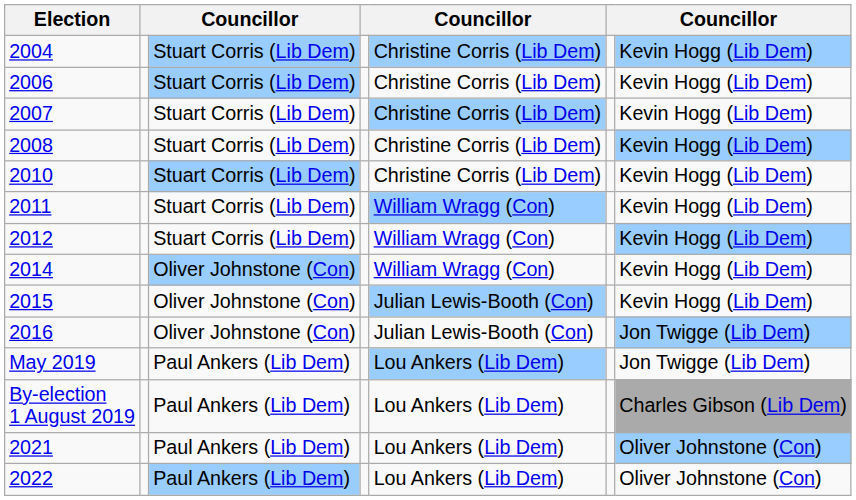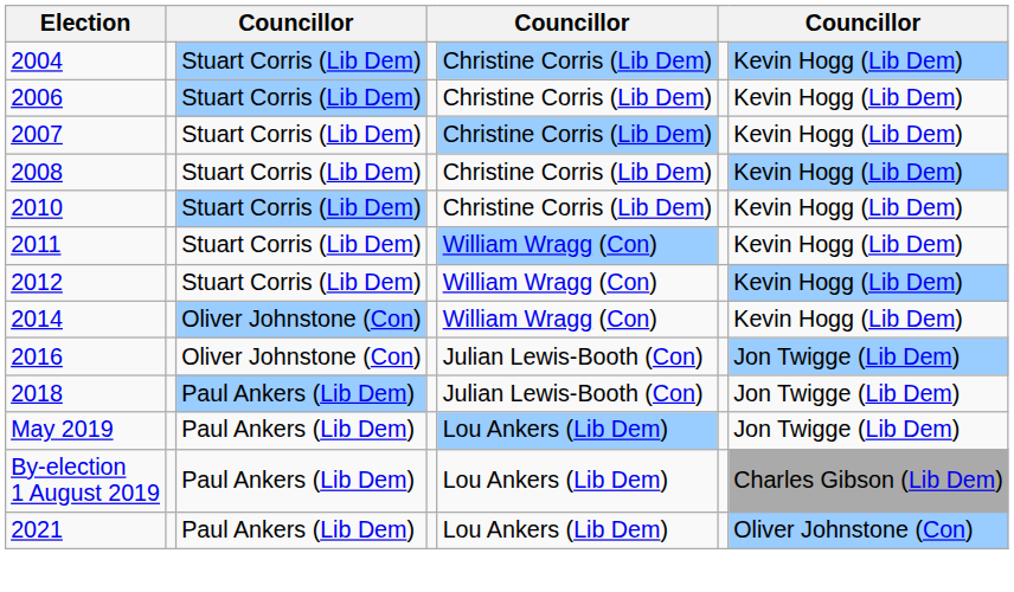 <table class="wikitable">
 <tr>
 <th>Election</th>
 <th colspan="2">Councillor</th>
 <th colspan="2">Councillor</th>
 <th colspan="2">Councillor</th>
 </tr>
 <tr>
 <td><a href='#'>2004</a></td>
 <td style="background-color: "></td>
 <td bgcolor="#99CCFF">Stuart Corris (<a href='#'>Lib Dem</a>)</td>
 <td style="background-color: "></td>
 <td bgcolor="#99CCFF">Christine Corris (<a href='#'>Lib Dem</a>)</td>
 <td style="background-color: "></td>
 <td bgcolor="#99CCFF">Kevin Hogg (<a href='#'>Lib Dem</a>)</td>
 </tr>
 <tr>
 <td><a href='#'>2006</a></td>
 <td style="background-color: "></td>
 <td bgcolor="#99CCFF">Stuart Corris (<a href='#'>Lib Dem</a>)</td>
 <td style="background-color: "></td>
 <td>Christine Corris (<a href='#'>Lib Dem</a>)</td>
 <td style="background-color: "></td>
 <td>Kevin Hogg (<a href='#'>Lib Dem</a>)</td>
 </tr>
 <tr>
 <td><a href='#'>2007</a></td>
 <td style="background-color: "></td>
 <td>Stuart Corris (<a href='#'>Lib Dem</a>)</td>
 <td style="background-color: "></td>
 <td bgcolor="#99CCFF">Christine Corris (<a href='#'>Lib Dem</a>)</td>
 <td style="background-color: "></td>
 <td>Kevin Hogg (<a href='#'>Lib Dem</a>)</td>
 </tr>
 <tr>
 <td><a href='#'>2008</a></td>
 <td style="background-color: "></td>
 <td>Stuart Corris (<a href='#'>Lib Dem</a>)</td>
 <td style="background-color: "></td>
 <td>Christine Corris (<a href='#'>Lib Dem</a>)</td>
 <td style="background-color: "></td>
 <td bgcolor="#99CCFF">Kevin Hogg (<a href='#'>Lib Dem</a>)</td>
 </tr>
 <tr>
 <td><a href='#'>2010</a></td>
 <td style="background-color: "></td>
 <td bgcolor="#99CCFF">Stuart Corris (<a href='#'>Lib Dem</a>)</td>
 <td style="background-color: "></td>
 <td>Christine Corris (<a href='#'>Lib Dem</a>)</td>
 <td style="background-color: "></td>
 <td>Kevin Hogg (<a href='#'>Lib Dem</a>)</td>
 </tr>
 <tr>
 <td><a href='#'>2011</a></td>
 <td style="background-color: "></td>
 <td>Stuart Corris (<a href='#'>Lib Dem</a>)</td>
 <td style="background-color: "></td>
 <td bgcolor="#99CCFF"><a href='#'>William Wragg</a> (<a href='#'>Con</a>)</td>
 <td style="background-color: "></td>
 <td>Kevin Hogg (<a href='#'>Lib Dem</a>)</td>
 </tr>
 <tr>
 <td><a href='#'>2012</a></td>
 <td style="background-color: "></td>
 <td>Stuart Corris (<a href='#'>Lib Dem</a>)</td>
 <td style="background-color: "></td>
 <td><a href='#'>William Wragg</a> (<a href='#'>Con</a>)</td>
 <td style="background-color: "></td>
 <td bgcolor="#99CCFF">Kevin Hogg (<a href='#'>Lib Dem</a>)</td>
 </tr>
 <tr>
 <td><a href='#'>2014</a></td>
 <td style="background-color: "></td>
 <td bgcolor="#99CCFF">Oliver Johnstone (<a href='#'>Con</a>)</td>
 <td style="background-color: "></td>
 <td><a href='#'>William Wragg</a> (<a href='#'>Con</a>)</td>
 <td style="background-color: "></td>
 <td>Kevin Hogg (<a href='#'>Lib Dem</a>)</td>
 </tr>
 <tr>
-<td><a href='#'>2015</a></td>
-<td style="background-color: "></td>
-<td>Oliver Johnstone (<a href='#'>Con</a>)</td>
-<td style="background-color: "></td>
-<td bgcolor="#99CCFF">Julian Lewis-Booth (<a href='#'>Con</a>)</td>
-<td style="background-color: "></td>
-<td>Kevin Hogg (<a href='#'>Lib Dem</a>)</td>
-</tr>
-<tr>
 <td><a href='#'>2016</a></td>
 <td style="background-color: "></td>
 <td>Oliver Johnstone (<a href='#'>Con</a>)</td>
 <td style="background-color: "></td>
 <td>Julian Lewis-Booth (<a href='#'>Con</a>)</td>
 <td style="background-color: "></td>
 <td bgcolor="#99CCFF">Jon Twigge (<a href='#'>Lib Dem</a>)</td>
+</tr>
+<tr>
+<td><a href='#'>2018</a></td>
+<td style="background-color: "></td>
+<td bgcolor="#99CCFF">Paul Ankers (<a href='#'>Lib Dem</a>)</td>
+<td style="background-color: "></td>
+<td>Julian Lewis-Booth (<a href='#'>Con</a>)</td>
+<td style="background-color: "></td>
+<td>Jon Twigge (<a href='#'>Lib Dem</a>)</td>
 </tr>
 <tr>
 <td><a href='#'>May 2019</a></td>
 <td style="background-color: "></td>
 <td>Paul Ankers (<a href='#'>Lib Dem</a>)</td>
 <td style="background-color: "></td>
 <td bgcolor="#99CCFF">Lou Ankers (<a href='#'>Lib Dem</a>)</td>
 <td style="background-color: "></td>
 <td>Jon Twigge (<a href='#'>Lib Dem</a>)</td>
 </tr>
 <tr>
 <td><a href='#'>By-election<br>1 August 2019</a></td>
 <td style="background-color: "></td>
 <td>Paul Ankers (<a href='#'>Lib Dem</a>)</td>
 <td style="background-color: "></td>
 <td>Lou Ankers (<a href='#'>Lib Dem</a>)</td>
 <td style="background-color: "></td>
 <td bgcolor="#AAAAAA">Charles Gibson (<a href='#'>Lib Dem</a>)</td>
 </tr>
 <tr>
 <td><a href='#'>2021</a></td>
 <td style="background-color: "></td>
 <td>Paul Ankers (<a href='#'>Lib Dem</a>)</td>
 <td style="background-color: "></td>
 <td>Lou Ankers (<a href='#'>Lib Dem</a>)</td>
 <td style="background-color: "></td>
 <td bgcolor="#99CCFF">Oliver Johnstone (<a href='#'>Con</a>)</td>
 </tr>
-<tr>
-<td><a href='#'>2022</a></td>
-<td style="background-color: "></td>
-<td bgcolor="#99CCFF">Paul Ankers (<a href='#'>Lib Dem</a>)</td>
-<td style="background-color: "></td>
-<td>Lou Ankers (<a href='#'>Lib Dem</a>)</td>
-<td style="background-color: "></td>
-<td>Oliver Johnstone (<a href='#'>Con</a>)</td>
-</tr>
 </table>
